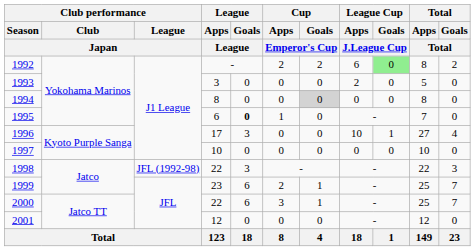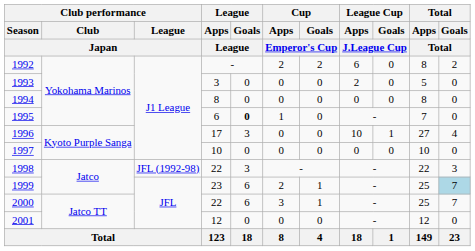 <table class="wikitable" style="text-align:center;">
 <tr>
 <th colspan=3>Club performance</th>
 <th colspan=2>League</th>
 <th colspan=2>Cup</th>
 <th colspan=2>League Cup</th>
 <th colspan=2>Total</th>
 </tr>
 <tr>
 <th>Season</th>
 <th>Club</th>
 <th>League</th>
 <th>Apps</th>
 <th>Goals</th>
 <th>Apps</th>
 <th>Goals</th>
 <th>Apps</th>
 <th>Goals</th>
 <th>Apps</th>
 <th>Goals</th>
 </tr>
 <tr>
 <th colspan=3>Japan</th>
 <th colspan=2>League</th>
 <th colspan=2><a href='#'>Emperor's Cup</a></th>
 <th colspan=2><a href='#'>J.League Cup</a></th>
 <th colspan=2>Total</th>
 </tr>
 <tr>
 <td><a href='#'>1992</a></td>
 <td rowspan="4"><a href='#'>Yokohama Marinos</a></td>
 <td rowspan="6"><a href='#'>J1 League</a></td>
 <td colspan="2">-</td>
 <td>2</td>
 <td>2</td>
 <td>6</td>
-<td style="background: lightgreen;">0</td>
+<td>0</td>
 <td>8</td>
 <td>2</td>
 </tr>
 <tr>
 <td><a href='#'>1993</a></td>
 <td>3</td>
 <td>0</td>
 <td>0</td>
 <td>0</td>
 <td>2</td>
 <td>0</td>
 <td>5</td>
 <td>0</td>
 </tr>
 <tr>
 <td><a href='#'>1994</a></td>
 <td>8</td>
 <td>0</td>
 <td>0</td>
-<td style="background: lightgrey;">0</td>
+<td>0</td>
 <td>0</td>
 <td>0</td>
 <td>8</td>
 <td>0</td>
 </tr>
 <tr>
 <td><a href='#'>1995</a></td>
 <td>6</td>
 <td><strong>0</strong></td>
 <td>1</td>
 <td>0</td>
 <td colspan="2">-</td>
 <td>7</td>
 <td>0</td>
 </tr>
 <tr>
 <td><a href='#'>1996</a></td>
 <td rowspan="2"><a href='#'>Kyoto Purple Sanga</a></td>
 <td>17</td>
 <td>3</td>
 <td>0</td>
 <td>0</td>
 <td>10</td>
 <td>1</td>
 <td>27</td>
 <td>4</td>
 </tr>
 <tr>
 <td><a href='#'>1997</a></td>
 <td>10</td>
 <td>0</td>
 <td>0</td>
 <td>0</td>
 <td>0</td>
 <td>0</td>
 <td>10</td>
 <td>0</td>
 </tr>
 <tr>
 <td><a href='#'>1998</a></td>
 <td rowspan="2"><a href='#'>Jatco</a></td>
 <td><a href='#'>JFL (1992-98)</a></td>
 <td>22</td>
 <td>3</td>
 <td colspan="2">-</td>
 <td colspan="2">-</td>
 <td>22</td>
 <td>3</td>
 </tr>
 <tr>
 <td><a href='#'>1999</a></td>
 <td rowspan="3"><a href='#'>JFL</a></td>
 <td>23</td>
 <td>6</td>
 <td>2</td>
 <td>1</td>
 <td colspan="2">-</td>
 <td>25</td>
-<td>7</td>
+<td style="background: lightblue;">7</td>
 </tr>
 <tr>
 <td><a href='#'>2000</a></td>
 <td rowspan="2"><a href='#'>Jatco TT</a></td>
 <td>22</td>
 <td>6</td>
 <td>3</td>
 <td>1</td>
 <td colspan="2">-</td>
 <td>25</td>
 <td>7</td>
 </tr>
 <tr>
 <td><a href='#'>2001</a></td>
 <td>12</td>
 <td>0</td>
 <td>0</td>
 <td>0</td>
 <td colspan="2">-</td>
 <td>12</td>
 <td>0</td>
 </tr>
 <tr>
 <th colspan=3>Total</th>
 <th>123</th>
 <th>18</th>
 <th>8</th>
 <th>4</th>
 <th>18</th>
 <th>1</th>
 <th>149</th>
 <th>23</th>
 </tr>
 </table>
